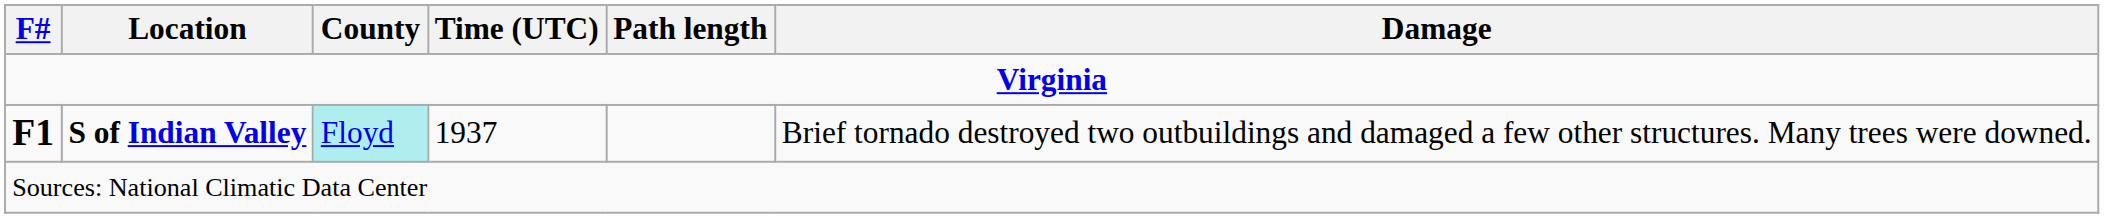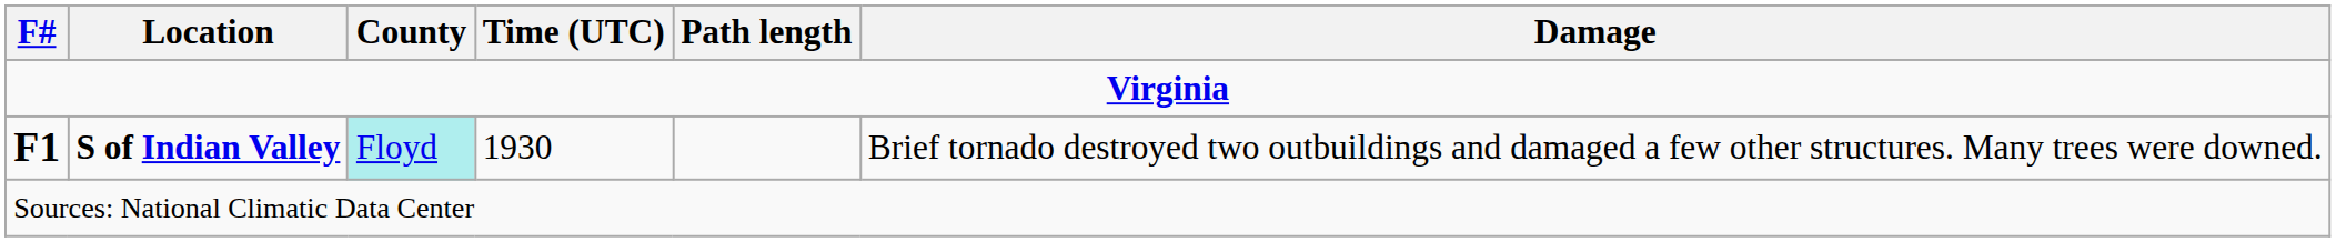 <table class="wikitable">
 <tr>
 <th><strong><a href='#'>F#</a></strong></th>
 <th><strong>Location</strong></th>
 <th><strong>County</strong></th>
 <th><strong>Time (UTC)</strong></th>
 <th><strong>Path length</strong></th>
 <th><strong>Damage</strong></th>
 </tr>
 <tr>
 <td colspan="7" align=center><strong><a href='#'>Virginia</a></strong></td>
 </tr>
 <tr>
 <td><big><strong>F1</strong></big></td>
 <td><strong>S of <a href='#'>Indian Valley</a></strong></td>
 <td style="background: paleturquoise;"><a href='#'>Floyd</a></td>
-<td>1937</td>
+<td>1930</td>
 <td></td>
 <td>Brief tornado destroyed two outbuildings and damaged a few other structures. Many trees were downed.</td>
 </tr>
 <tr>
 <td colspan="7"><small>Sources: National Climatic Data Center</small></td>
 </tr>
 </table>
